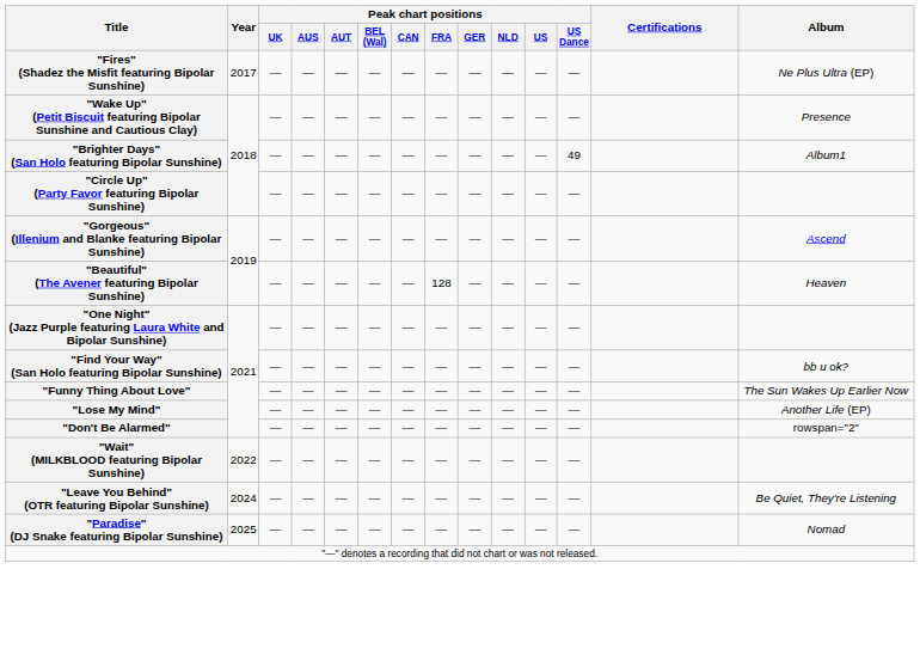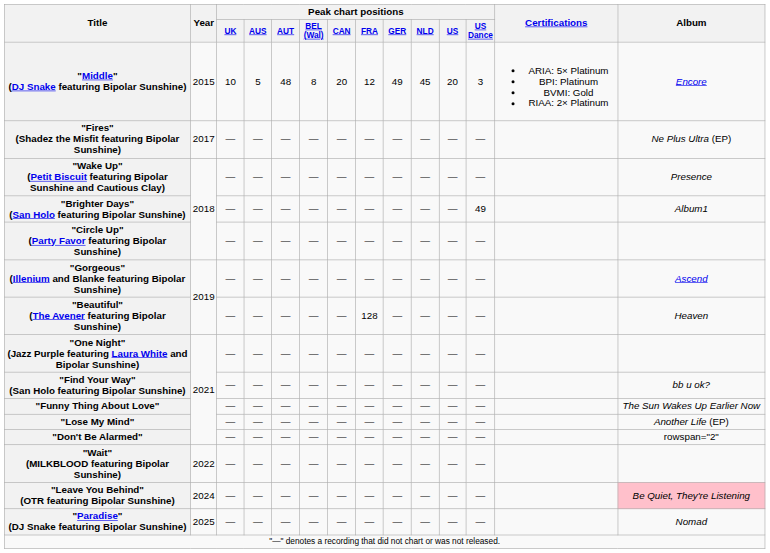 <table class="wikitable plainrowheaders" style="text-align:center;">
 <tr>
 <th scope="col" rowspan="2" style="width:20.5em;">Title</th>
 <th scope="col" rowspan="2" style="width:1em;">Year</th>
 <th scope="col" colspan="10">Peak chart positions</th>
 <th scope="col" rowspan="2" style="width:13em;"><a href='#'>Certifications</a></th>
 <th scope="col" rowspan="2" style="width:16em;">Album</th>
 </tr>
 <tr>
 <th scope="col" style="width:3em;font-size:85%;"><a href='#'>UK</a><br></th>
 <th scope="col" style="width:3em;font-size:85%;"><a href='#'>AUS</a><br></th>
 <th scope="col" style="width:3em;font-size:85%;"><a href='#'>AUT</a><br></th>
 <th scope="col" style="width:3em;font-size:85%;"><a href='#'>BEL<br>(Wal)</a><br></th>
 <th scope="col" style="width:3em;font-size:85%;"><a href='#'>CAN</a><br></th>
 <th scope="col" style="width:3em;font-size:85%;"><a href='#'>FRA</a><br></th>
 <th scope="col" style="width:3em;font-size:85%;"><a href='#'>GER</a><br></th>
 <th scope="col" style="width:3em;font-size:85%;"><a href='#'>NLD</a><br></th>
 <th scope="col" style="width:3em;font-size:85%;"><a href='#'>US</a><br></th>
 <th scope="col" style="width:3em;font-size:85%;"><a href='#'>US<br>Dance</a><br></th>
+</tr>
+<tr>
+<th scope="row">"<a href='#'>Middle</a>"<br><span>(<a href='#'>DJ Snake</a> featuring Bipolar Sunshine)</span></th>
+<td>2015</td>
+<td>10</td>
+<td>5</td>
+<td>48</td>
+<td>8</td>
+<td>20</td>
+<td>12</td>
+<td>49</td>
+<td>45</td>
+<td>20</td>
+<td>3</td>
+<td><br><ul><li>ARIA: 5× Platinum</li><li>BPI: Platinum</li><li>BVMI: Gold</li><li>RIAA: 2× Platinum</li></ul></td>
+<td><em><a href='#'>Encore</a></em></td>
 </tr>
 <tr>
 <th scope="row">"Fires"<br><span>(Shadez the Misfit featuring Bipolar Sunshine)</span></th>
 <td>2017</td>
 <td>—</td>
 <td>—</td>
 <td>—</td>
 <td>—</td>
 <td>—</td>
 <td>—</td>
 <td>—</td>
 <td>—</td>
 <td>—</td>
 <td>—</td>
 <td></td>
 <td><em>Ne Plus Ultra</em> (EP)</td>
 </tr>
 <tr>
 <th scope="row">"Wake Up"<br><span>(<a href='#'>Petit Biscuit</a> featuring Bipolar Sunshine and Cautious Clay)</span></th>
 <td rowspan="3">2018</td>
 <td>—</td>
 <td>—</td>
 <td>—</td>
 <td>—</td>
 <td>—</td>
 <td>—</td>
 <td>—</td>
 <td>—</td>
 <td>—</td>
 <td>—</td>
 <td></td>
 <td><em>Presence</em></td>
 </tr>
 <tr>
 <th scope="row">"Brighter Days"<br><span>(<a href='#'>San Holo</a> featuring Bipolar Sunshine)</span></th>
 <td>—</td>
 <td>—</td>
 <td>—</td>
 <td>—</td>
 <td>—</td>
 <td>—</td>
 <td>—</td>
 <td>—</td>
 <td>—</td>
 <td>49</td>
 <td></td>
 <td><em>Album1</em></td>
 </tr>
 <tr>
 <th scope="row">"Circle Up"<br><span>(<a href='#'>Party Favor</a> featuring Bipolar Sunshine)</span></th>
 <td>—</td>
 <td>—</td>
 <td>—</td>
 <td>—</td>
 <td>—</td>
 <td>—</td>
 <td>—</td>
 <td>—</td>
 <td>—</td>
 <td>—</td>
 <td></td>
 <td></td>
 </tr>
 <tr>
 <th scope="row">"Gorgeous"<br><span>(<a href='#'>Illenium</a> and Blanke featuring Bipolar Sunshine)</span></th>
 <td rowspan="2">2019</td>
 <td>—</td>
 <td>—</td>
 <td>—</td>
 <td>—</td>
 <td>—</td>
 <td>—</td>
 <td>—</td>
 <td>—</td>
 <td>—</td>
 <td>—</td>
 <td></td>
 <td><em><a href='#'>Ascend</a></em></td>
 </tr>
 <tr>
 <th scope="row">"Beautiful"<br><span>(<a href='#'>The Avener</a> featuring Bipolar Sunshine)</span></th>
 <td>—</td>
 <td>—</td>
 <td>—</td>
 <td>—</td>
 <td>—</td>
 <td>128</td>
 <td>—</td>
 <td>—</td>
 <td>—</td>
 <td>—</td>
 <td></td>
 <td><em>Heaven</em></td>
 </tr>
 <tr>
 <th scope="row">"One Night"<br><span>(Jazz Purple featuring <a href='#'>Laura White</a> and Bipolar Sunshine)</span></th>
 <td rowspan="5">2021</td>
 <td>—</td>
 <td>—</td>
 <td>—</td>
 <td>—</td>
 <td>—</td>
 <td>—</td>
 <td>—</td>
 <td>—</td>
 <td>—</td>
 <td>—</td>
 <td></td>
 <td></td>
 </tr>
 <tr>
 <th scope="row">"Find Your Way" <br><span>(San Holo featuring Bipolar Sunshine)</span></th>
 <td>—</td>
 <td>—</td>
 <td>—</td>
 <td>—</td>
 <td>—</td>
 <td>—</td>
 <td>—</td>
 <td>—</td>
 <td>—</td>
 <td>—</td>
 <td></td>
 <td><em>bb u ok?</em></td>
 </tr>
 <tr>
 <th scope="row">"Funny Thing About Love"<br></th>
 <td>—</td>
 <td>—</td>
 <td>—</td>
 <td>—</td>
 <td>—</td>
 <td>—</td>
 <td>—</td>
 <td>—</td>
 <td>—</td>
 <td>—</td>
 <td></td>
 <td><em>The Sun Wakes Up Earlier Now</em></td>
 </tr>
 <tr>
 <th scope="row">"Lose My Mind" <br></th>
 <td>—</td>
 <td>—</td>
 <td>—</td>
 <td>—</td>
 <td>—</td>
 <td>—</td>
 <td>—</td>
 <td>—</td>
 <td>—</td>
 <td>—</td>
 <td></td>
 <td><em>Another Life</em> (EP)</td>
 </tr>
 <tr>
 <th scope="row">"Don't Be Alarmed"<br></th>
 <td>—</td>
 <td>—</td>
 <td>—</td>
 <td>—</td>
 <td>—</td>
 <td>—</td>
 <td>—</td>
 <td>—</td>
 <td>—</td>
 <td>—</td>
 <td></td>
 <td>rowspan="2" </td>
 </tr>
 <tr>
 <th scope="row">"Wait"<br><span>(MILKBLOOD featuring Bipolar Sunshine)</span></th>
 <td>2022</td>
 <td>—</td>
 <td>—</td>
 <td>—</td>
 <td>—</td>
 <td>—</td>
 <td>—</td>
 <td>—</td>
 <td>—</td>
 <td>—</td>
 <td>—</td>
 <td></td>
 </tr>
 <tr>
 <th scope="row">"Leave You Behind"<br><span>(OTR featuring Bipolar Sunshine)</span></th>
 <td>2024</td>
 <td>—</td>
 <td>—</td>
 <td>—</td>
 <td>—</td>
 <td>—</td>
 <td>—</td>
 <td>—</td>
 <td>—</td>
 <td>—</td>
 <td>—</td>
 <td></td>
-<td><em>Be Quiet, They're Listening</em></td>
+<td style="background: pink;"><em>Be Quiet, They're Listening</em></td>
 </tr>
 <tr>
 <th scope="row">"<a href='#'>Paradise</a>"<br><span>(DJ Snake featuring Bipolar Sunshine)</span></th>
 <td>2025</td>
 <td>—</td>
 <td>—</td>
 <td>—</td>
 <td>—</td>
 <td>—</td>
 <td>—</td>
 <td>—</td>
 <td>—</td>
 <td>—</td>
 <td>—</td>
 <td></td>
 <td><em>Nomad</em></td>
 </tr>
 <tr>
 <td colspan="14" style="font-size:85%">"—" denotes a recording that did not chart or was not released.</td>
 </tr>
 </table>
